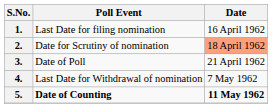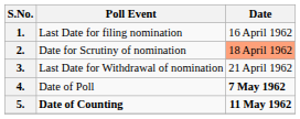 <table class="wikitable sortable">
 <tr>
 <th>S.No.</th>
 <th>Poll Event</th>
 <th>Date</th>
 </tr>
 <tr>
 <th>1.</th>
 <td>Last Date for filing nomination</td>
 <td>16 April 1962</td>
 </tr>
 <tr>
 <th>2.</th>
 <td>Date for Scrutiny of nomination</td>
 <td style="background: lightsalmon;">18 April 1962</td>
 </tr>
 <tr>
 <th>3.</th>
-<td>Date of Poll</td>
+<td>Last Date for Withdrawal of nomination</td>
 <td>21 April 1962</td>
 </tr>
 <tr>
 <th>4.</th>
-<td>Last Date for Withdrawal of nomination</td>
-<td>7 May 1962</td>
+<td>Date of Poll</td>
+<td><strong>7 May 1962</strong></td>
 </tr>
 <tr>
 <th>5.</th>
 <td><strong>Date of Counting</strong></td>
 <td colspan="2" style="text-align:center"><strong>11 May 1962</strong></td>
 </tr>
 <tr>
 </tr>
 </table>
